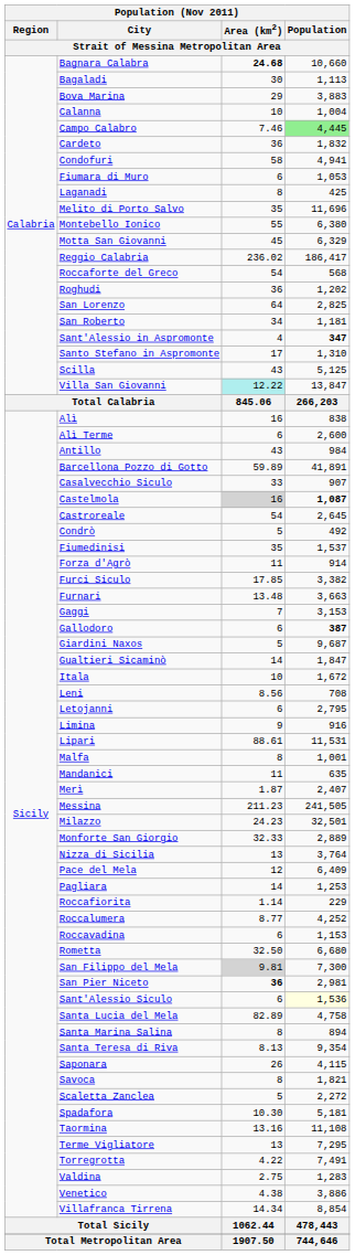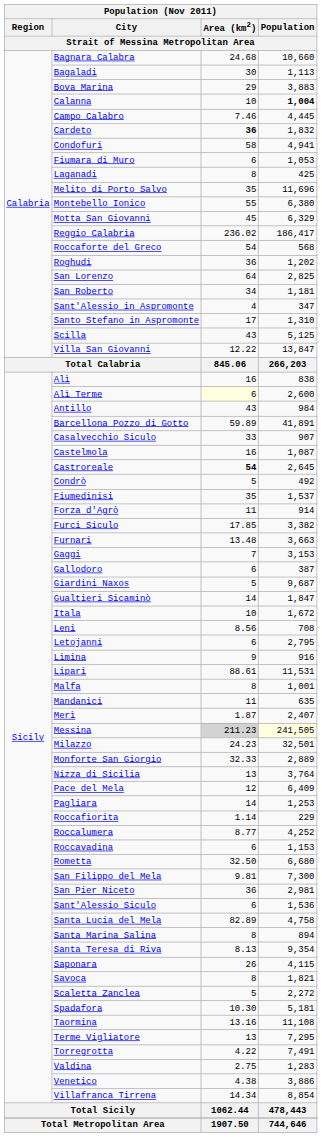 <table class="wikitable">
 <tr>
 <th colspan="4">Population (Nov 2011)</th>
 </tr>
 <tr>
 <th>Region</th>
 <th>City</th>
 <th>Area (km<sup>2</sup>)</th>
 <th>Population</th>
 </tr>
 <tr>
 <th colspan=4>Strait of Messina Metropolitan Area</th>
 </tr>
 <tr>
 <td rowspan=21 align=center><a href='#'>Calabria</a></td>
 <td><a href='#'>Bagnara Calabra</a></td>
-<td align=right><strong>24.68</strong></td>
+<td align=right>24.68</td>
 <td align=right>10,660</td>
 </tr>
 <tr>
 <td><a href='#'>Bagaladi</a></td>
 <td align=right>30</td>
 <td align=right>1,113</td>
 </tr>
 <tr>
 <td><a href='#'>Bova Marina</a></td>
 <td align=right>29</td>
 <td align=right>3,883</td>
 </tr>
 <tr>
 <td><a href='#'>Calanna</a></td>
 <td align=right>10</td>
-<td align=right>1,004</td>
+<td align=right><strong>1,004</strong></td>
 </tr>
 <tr>
 <td><a href='#'>Campo Calabro</a></td>
 <td align=right>7.46</td>
-<td align=right style="background: lightgreen;">4,445</td>
+<td align=right>4,445</td>
 </tr>
 <tr>
 <td><a href='#'>Cardeto</a></td>
-<td align=right>36</td>
+<td align=right><strong>36</strong></td>
 <td align=right>1,832</td>
 </tr>
 <tr>
 <td><a href='#'>Condofuri</a></td>
 <td align=right>58</td>
 <td align=right>4,941</td>
 </tr>
 <tr>
 <td><a href='#'>Fiumara di Muro</a></td>
 <td align=right>6</td>
 <td align=right>1,053</td>
 </tr>
 <tr>
 <td><a href='#'>Laganadi</a></td>
 <td align=right>8</td>
 <td align=right>425</td>
 </tr>
 <tr>
 <td><a href='#'>Melito di Porto Salvo</a></td>
 <td align=right>35</td>
 <td align=right>11,696</td>
 </tr>
 <tr>
 <td><a href='#'>Montebello Ionico</a></td>
 <td align=right>55</td>
 <td align=right>6,380</td>
 </tr>
 <tr>
 <td><a href='#'>Motta San Giovanni</a></td>
 <td align=right>45</td>
 <td align=right>6,329</td>
 </tr>
 <tr>
 <td><a href='#'>Reggio Calabria</a></td>
 <td align=right>236.02</td>
 <td align=right>186,417</td>
 </tr>
 <tr>
 <td><a href='#'>Roccaforte del Greco</a></td>
 <td align=right>54</td>
 <td align=right>568</td>
 </tr>
 <tr>
 <td><a href='#'>Roghudi</a></td>
 <td align=right>36</td>
 <td align=right>1,202</td>
 </tr>
 <tr>
 <td><a href='#'>San Lorenzo</a></td>
 <td align=right>64</td>
 <td align=right>2,825</td>
 </tr>
 <tr>
 <td><a href='#'>San Roberto</a></td>
 <td align=right>34</td>
 <td align=right>1,181</td>
 </tr>
 <tr>
 <td><a href='#'>Sant'Alessio in Aspromonte</a></td>
 <td align=right>4</td>
-<td align=right><strong>347</strong></td>
+<td align=right>347</td>
 </tr>
 <tr>
 <td><a href='#'>Santo Stefano in Aspromonte</a></td>
 <td align=right>17</td>
 <td align=right>1,310</td>
 </tr>
 <tr>
 <td><a href='#'>Scilla</a></td>
 <td align=right>43</td>
 <td align=right>5,125</td>
 </tr>
 <tr>
 <td><a href='#'>Villa San Giovanni</a></td>
-<td align=right style="background: paleturquoise;">12.22</td>
+<td align=right>12.22</td>
 <td align=right>13,847</td>
 </tr>
 <tr>
 <th colspan=2 align=center>Total Calabria</th>
 <th align=right>845.06</th>
 <th align=right>266,203</th>
 </tr>
 <tr>
 <td rowspan=50 align=center><a href='#'>Sicily</a></td>
 <td><a href='#'>Alì</a></td>
 <td align=right>16</td>
 <td align=right>838</td>
 </tr>
 <tr>
 <td><a href='#'>Alì Terme</a></td>
-<td align=right>6</td>
+<td align=right style="background: lightyellow;">6</td>
 <td align=right>2,600</td>
 </tr>
 <tr>
 <td><a href='#'>Antillo</a></td>
 <td align=right>43</td>
 <td align=right>984</td>
 </tr>
 <tr>
 <td><a href='#'>Barcellona Pozzo di Gotto</a></td>
 <td align=right>59.89</td>
 <td align=right>41,891</td>
 </tr>
 <tr>
 <td><a href='#'>Casalvecchio Siculo</a></td>
 <td align=right>33</td>
 <td align=right>907</td>
 </tr>
 <tr>
 <td><a href='#'>Castelmola</a></td>
-<td align=right style="background: lightgrey;">16</td>
-<td align=right><strong>1,087</strong></td>
+<td align=right>16</td>
+<td align=right>1,087</td>
 </tr>
 <tr>
 <td><a href='#'>Castroreale</a></td>
-<td align=right>54</td>
+<td align=right><strong>54</strong></td>
 <td align=right>2,645</td>
 </tr>
 <tr>
 <td><a href='#'>Condrò</a></td>
 <td align=right>5</td>
 <td align=right>492</td>
 </tr>
 <tr>
 <td><a href='#'>Fiumedinisi</a></td>
 <td align=right>35</td>
 <td align=right>1,537</td>
 </tr>
 <tr>
 <td><a href='#'>Forza d'Agrò</a></td>
 <td align=right>11</td>
 <td align=right>914</td>
 </tr>
 <tr>
 <td><a href='#'>Furci Siculo</a></td>
 <td align=right>17.85</td>
 <td align=right>3,382</td>
 </tr>
 <tr>
 <td><a href='#'>Furnari</a></td>
 <td align=right>13.48</td>
 <td align=right>3,663</td>
 </tr>
 <tr>
 <td><a href='#'>Gaggi</a></td>
 <td align=right>7</td>
 <td align=right>3,153</td>
 </tr>
 <tr>
 <td><a href='#'>Gallodoro</a></td>
 <td align=right>6</td>
-<td align=right><strong>387</strong></td>
+<td align=right>387</td>
 </tr>
 <tr>
 <td><a href='#'>Giardini Naxos</a></td>
 <td align=right>5</td>
 <td align=right>9,687</td>
 </tr>
 <tr>
 <td><a href='#'>Gualtieri Sicaminò</a></td>
 <td align=right>14</td>
 <td align=right>1,847</td>
 </tr>
 <tr>
 <td><a href='#'>Itala</a></td>
 <td align=right>10</td>
 <td align=right>1,672</td>
 </tr>
 <tr>
 <td><a href='#'>Leni</a></td>
 <td align=right>8.56</td>
 <td align=right>708</td>
 </tr>
 <tr>
 <td><a href='#'>Letojanni</a></td>
 <td align=right>6</td>
 <td align=right>2,795</td>
 </tr>
 <tr>
 <td><a href='#'>Limina</a></td>
 <td align=right>9</td>
 <td align=right>916</td>
 </tr>
 <tr>
 <td><a href='#'>Lipari</a></td>
 <td align=right>88.61</td>
 <td align=right>11,531</td>
 </tr>
 <tr>
 <td><a href='#'>Malfa</a></td>
 <td align=right>8</td>
 <td align=right>1,001</td>
 </tr>
 <tr>
 <td><a href='#'>Mandanici</a></td>
 <td align=right>11</td>
 <td align=right>635</td>
 </tr>
 <tr>
 <td><a href='#'>Merì</a></td>
 <td align=right>1.87</td>
 <td align=right>2,407</td>
 </tr>
 <tr>
 <td><a href='#'>Messina</a></td>
-<td align=right>211.23</td>
-<td align=right>241,505</td>
+<td align=right style="background: lightgrey;">211.23</td>
+<td align=right style="background: lightyellow;">241,505</td>
 </tr>
 <tr>
 <td><a href='#'>Milazzo</a></td>
 <td align=right>24.23</td>
 <td align=right>32,501</td>
 </tr>
 <tr>
 <td><a href='#'>Monforte San Giorgio</a></td>
 <td align=right>32.33</td>
 <td align=right>2,889</td>
 </tr>
 <tr>
 <td><a href='#'>Nizza di Sicilia</a></td>
 <td align=right>13</td>
 <td align=right>3,764</td>
 </tr>
 <tr>
 <td><a href='#'>Pace del Mela</a></td>
 <td align=right>12</td>
 <td align=right>6,409</td>
 </tr>
 <tr>
 <td><a href='#'>Pagliara</a></td>
 <td align=right>14</td>
 <td align=right>1,253</td>
 </tr>
 <tr>
 <td><a href='#'>Roccafiorita</a></td>
 <td align=right>1.14</td>
 <td align=right>229</td>
 </tr>
 <tr>
 <td><a href='#'>Roccalumera</a></td>
 <td align=right>8.77</td>
 <td align=right>4,252</td>
 </tr>
 <tr>
 <td><a href='#'>Roccavadina</a></td>
 <td align=right>6</td>
 <td align=right>1,153</td>
 </tr>
 <tr>
 <td><a href='#'>Rometta</a></td>
 <td align=right>32.50</td>
 <td align=right>6,680</td>
 </tr>
 <tr>
 <td><a href='#'>San Filippo del Mela</a></td>
-<td align=right style="background: lightgrey;">9.81</td>
+<td align=right>9.81</td>
 <td align=right>7,300</td>
 </tr>
 <tr>
 <td><a href='#'>San Pier Niceto</a></td>
-<td align=right><strong>36</strong></td>
+<td align=right>36</td>
 <td align=right>2,981</td>
 </tr>
 <tr>
 <td><a href='#'>Sant'Alessio Siculo</a></td>
 <td align=right>6</td>
-<td align=right style="background: lightyellow;">1,536</td>
+<td align=right>1,536</td>
 </tr>
 <tr>
 <td><a href='#'>Santa Lucia del Mela</a></td>
 <td align=right>82.89</td>
 <td align=right>4,758</td>
 </tr>
 <tr>
 <td><a href='#'>Santa Marina Salina</a></td>
 <td align=right>8</td>
 <td align=right>894</td>
 </tr>
 <tr>
 <td><a href='#'>Santa Teresa di Riva</a></td>
 <td align=right>8.13</td>
 <td align=right>9,354</td>
 </tr>
 <tr>
 <td><a href='#'>Saponara</a></td>
 <td align=right>26</td>
 <td align=right>4,115</td>
 </tr>
 <tr>
 <td><a href='#'>Savoca</a></td>
 <td align=right>8</td>
 <td align=right>1,821</td>
 </tr>
 <tr>
 <td><a href='#'>Scaletta Zanclea</a></td>
 <td align=right>5</td>
 <td align=right>2,272</td>
 </tr>
 <tr>
 <td><a href='#'>Spadafora</a></td>
 <td align=right>10.30</td>
 <td align=right>5,181</td>
 </tr>
 <tr>
 <td><a href='#'>Taormina</a></td>
 <td align=right>13.16</td>
 <td align=right>11,108</td>
 </tr>
 <tr>
 <td><a href='#'>Terme Vigliatore</a></td>
 <td align=right>13</td>
 <td align=right>7,295</td>
 </tr>
 <tr>
 <td><a href='#'>Torregrotta</a></td>
 <td align=right>4.22</td>
 <td align=right>7,491</td>
 </tr>
 <tr>
 <td><a href='#'>Valdina</a></td>
 <td align=right>2.75</td>
 <td align=right>1,283</td>
 </tr>
 <tr>
 <td><a href='#'>Venetico</a></td>
 <td align=right>4.38</td>
 <td align=right>3,886</td>
 </tr>
 <tr>
 <td><a href='#'>Villafranca Tirrena</a></td>
 <td align=right>14.34</td>
 <td align=right>8,854</td>
 </tr>
 <tr>
 <th colspan=2 align=center>Total Sicily</th>
 <th align=right>1062.44</th>
 <th align=right>478,443</th>
 </tr>
 <tr>
 </tr>
 <tr>
 <th colspan=2 align=center>Total Metropolitan Area</th>
 <th align=right>1907.50</th>
 <th align=right>744,646</th>
 </tr>
 </table>
